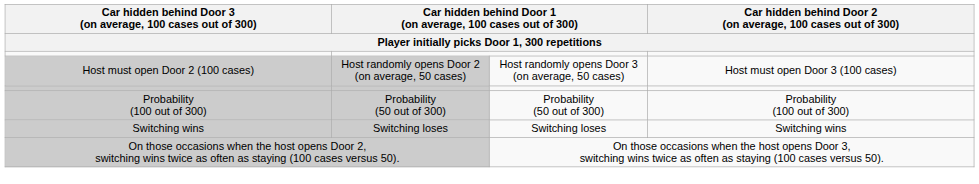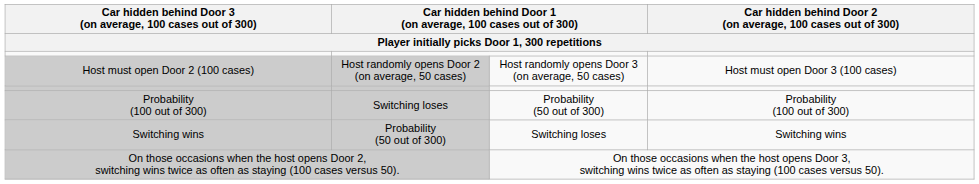 <table class="wikitable" style="margin:auto; text-align: center;" width="90%">
 <tr>
 <th width="33%">Car hidden behind Door 3<br>(on average, 100 cases out of 300)</th>
 <th colspan=2 width="33%">Car hidden behind Door 1<br>(on average, 100 cases out of 300)</th>
 <th width="33%">Car hidden behind Door 2<br>(on average, 100 cases out of 300)</th>
 </tr>
 <tr>
 <th colspan=4>Player initially picks Door 1, 300 repetitions</th>
 </tr>
 <tr>
 <td></td>
 <td colspan=2></td>
 <td></td>
 </tr>
 <tr>
 <td bgcolor=#cccccc>Host must open Door 2 (100 cases)</td>
 <td bgcolor=#cccccc>Host randomly opens Door 2<br>(on average, 50 cases)</td>
 <td>Host randomly opens Door 3<br>(on average, 50 cases)</td>
 <td>Host must open Door 3 (100 cases)</td>
 </tr>
 <tr>
 <td bgcolor=#cccccc></td>
 <td bgcolor=#cccccc width=16%></td>
 <td width=16%></td>
 <td></td>
 </tr>
 <tr>
 <td bgcolor=#cccccc>Probability <br>(100 out of 300)</td>
-<td bgcolor=#cccccc>Probability <br>(50 out of 300)</td>
+<td bgcolor=#cccccc>Switching loses</td>
 <td>Probability <br>(50 out of 300)</td>
 <td>Probability <br>(100 out of 300)</td>
 </tr>
 <tr>
 <td bgcolor=#cccccc>Switching wins</td>
-<td bgcolor=#cccccc>Switching loses</td>
+<td bgcolor=#cccccc>Probability <br>(50 out of 300)</td>
 <td>Switching loses</td>
 <td>Switching wins</td>
 </tr>
 <tr>
 <td colspan=2 bgcolor=#cccccc>On those occasions when the host opens Door 2,<br>switching wins twice as often as staying (100 cases versus 50).</td>
 <td colspan=2>On those occasions when the host opens Door 3,<br>switching wins twice as often as staying (100 cases versus 50).</td>
 </tr>
 </table>
